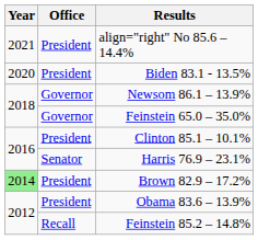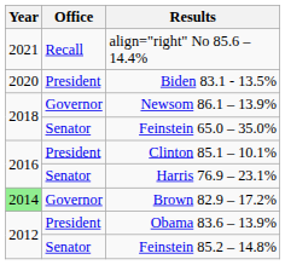 <table class=wikitable>
 <tr>
 <th width="30">Year</th>
 <th width="60">Office</th>
 <th width="180">Results</th>
 </tr>
 <tr>
 <td>2021</td>
-<td><a href='#'>President</a></td>
+<td><a href='#'>Recall</a></td>
 <td>align="right"  No 85.6 – 14.4%</td>
 </tr>
 <tr>
 <td rowspan="1">2020</td>
 <td><a href='#'>President</a></td>
 <td align="right" ><a href='#'>Biden</a> 83.1 - 13.5%</td>
 </tr>
 <tr>
 <td rowspan="2">2018</td>
 <td><a href='#'>Governor</a></td>
 <td align="right" ><a href='#'>Newsom</a> 86.1 – 13.9%</td>
 </tr>
 <tr>
-<td><a href='#'>Governor</a></td>
+<td><a href='#'>Senator</a></td>
 <td align="right" ><a href='#'>Feinstein</a> 65.0 – 35.0%</td>
 </tr>
 <tr>
 <td rowspan="2">2016</td>
 <td><a href='#'>President</a></td>
 <td align="right" ><a href='#'>Clinton</a> 85.1 – 10.1%</td>
 </tr>
 <tr>
 <td><a href='#'>Senator</a></td>
 <td align="right" ><a href='#'>Harris</a> 76.9 – 23.1%</td>
 </tr>
 <tr>
 <td style="background: lightgreen;">2014</td>
-<td><a href='#'>President</a></td>
+<td><a href='#'>Governor</a></td>
 <td align="right" ><a href='#'>Brown</a> 82.9 – 17.2%</td>
 </tr>
 <tr>
 <td rowspan="2">2012</td>
 <td><a href='#'>President</a></td>
 <td align="right" ><a href='#'>Obama</a> 83.6 – 13.9%</td>
 </tr>
 <tr>
-<td><a href='#'>Recall</a></td>
+<td><a href='#'>Senator</a></td>
 <td align="right" ><a href='#'>Feinstein</a> 85.2 – 14.8%</td>
 </tr>
 </table>
